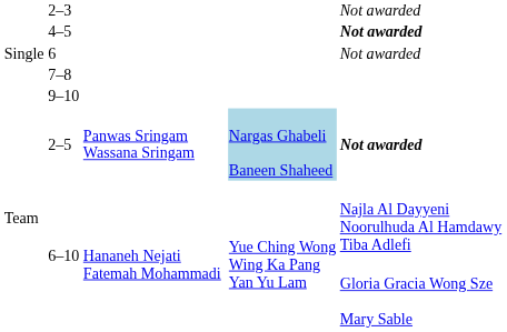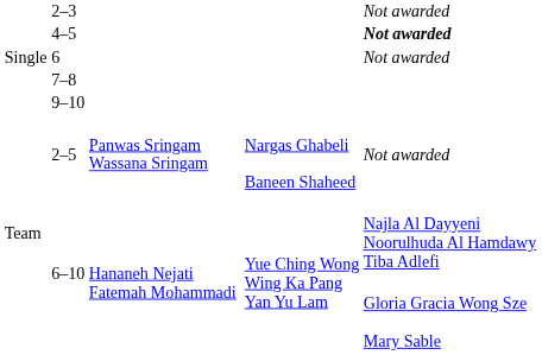 <table>
 <tr>
 <td rowspan=6>Single</td>
 <td>2–3</td>
 <td></td>
 <td></td>
 <td><em>Not awarded</em></td>
 </tr>
 <tr>
 <td>4–5</td>
 <td></td>
 <td></td>
 <td><strong><em>Not awarded</em></strong></td>
 </tr>
 <tr>
 <td>6</td>
 <td></td>
 <td></td>
 <td><em>Not awarded</em></td>
 </tr>
 <tr>
 <td>7–8</td>
 <td></td>
 <td></td>
 <td></td>
 </tr>
 <tr>
 <td rowspan=2>9–10</td>
 <td rowspan=2></td>
 <td rowspan=2></td>
 <td></td>
 </tr>
 <tr>
 <td></td>
 </tr>
 <tr>
 <td rowspan=6>Team</td>
 <td>2–5</td>
 <td nowrap><br><a href='#'>Panwas Sringam</a><br><a href='#'>Wassana Sringam</a><br> </td>
-<td style="background: lightblue;"><br><a href='#'>Nargas Ghabeli</a><br><br><a href='#'>Baneen Shaheed</a></td>
-<td><strong><em>Not awarded</em></strong></td>
+<td><br><a href='#'>Nargas Ghabeli</a><br><br><a href='#'>Baneen Shaheed</a></td>
+<td><em>Not awarded</em></td>
 </tr>
 <tr>
 <td rowspan=2>6–10</td>
 <td rowspan=2 nowrap><br><a href='#'>Hananeh Nejati</a><br><a href='#'>Fatemah Mohammadi</a> </td>
 <td rowspan=2><br><a href='#'>Yue Ching Wong</a><br><a href='#'>Wing Ka Pang</a><br><a href='#'>Yan Yu Lam</a></td>
 <td><br><a href='#'>Najla Al Dayyeni</a><br><a href='#'>Noorulhuda Al Hamdawy</a><br><a href='#'>Tiba Adlefi</a></td>
 </tr>
 <tr>
 <td><br><a href='#'>Gloria Gracia Wong Sze</a><br><br><a href='#'>Mary Sable</a></td>
 </tr>
 </table>
